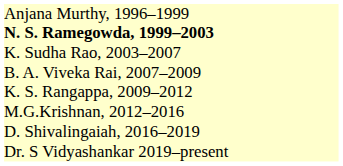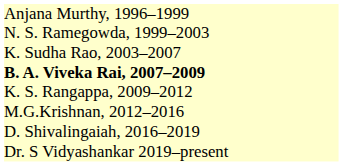 <table class="toccolours" style="float:left; margin-right:1em; font-size:85%; background:#ffc; color:black; width:20em; max-width:25%;" cellspacing="0" cellpadding="0">
 <tr>
 <td style="text-align: left;">Anjana Murthy, 1996–1999</td>
 </tr>
 <tr>
-<td style="text-align: left;"><strong>N. S. Ramegowda, 1999–2003</strong></td>
+<td style="text-align: left;">N. S. Ramegowda, 1999–2003</td>
 </tr>
 <tr>
 <td style="text-align: left;">K. Sudha Rao, 2003–2007</td>
 </tr>
 <tr>
-<td style="text-align: left;">B. A. Viveka Rai, 2007–2009</td>
+<td style="text-align: left;"><strong>B. A. Viveka Rai, 2007–2009</strong></td>
 </tr>
 <tr>
 <td style="text-align: left;">K. S. Rangappa, 2009–2012</td>
 </tr>
 <tr>
 <td style="text-align: left;">M.G.Krishnan, 2012–2016</td>
 </tr>
 <tr>
 <td style="text-align: left;">D. Shivalingaiah, 2016–2019</td>
 </tr>
 <tr>
 <td style="text-align: left;">Dr. S Vidyashankar 2019–present</td>
 </tr>
 </table>
